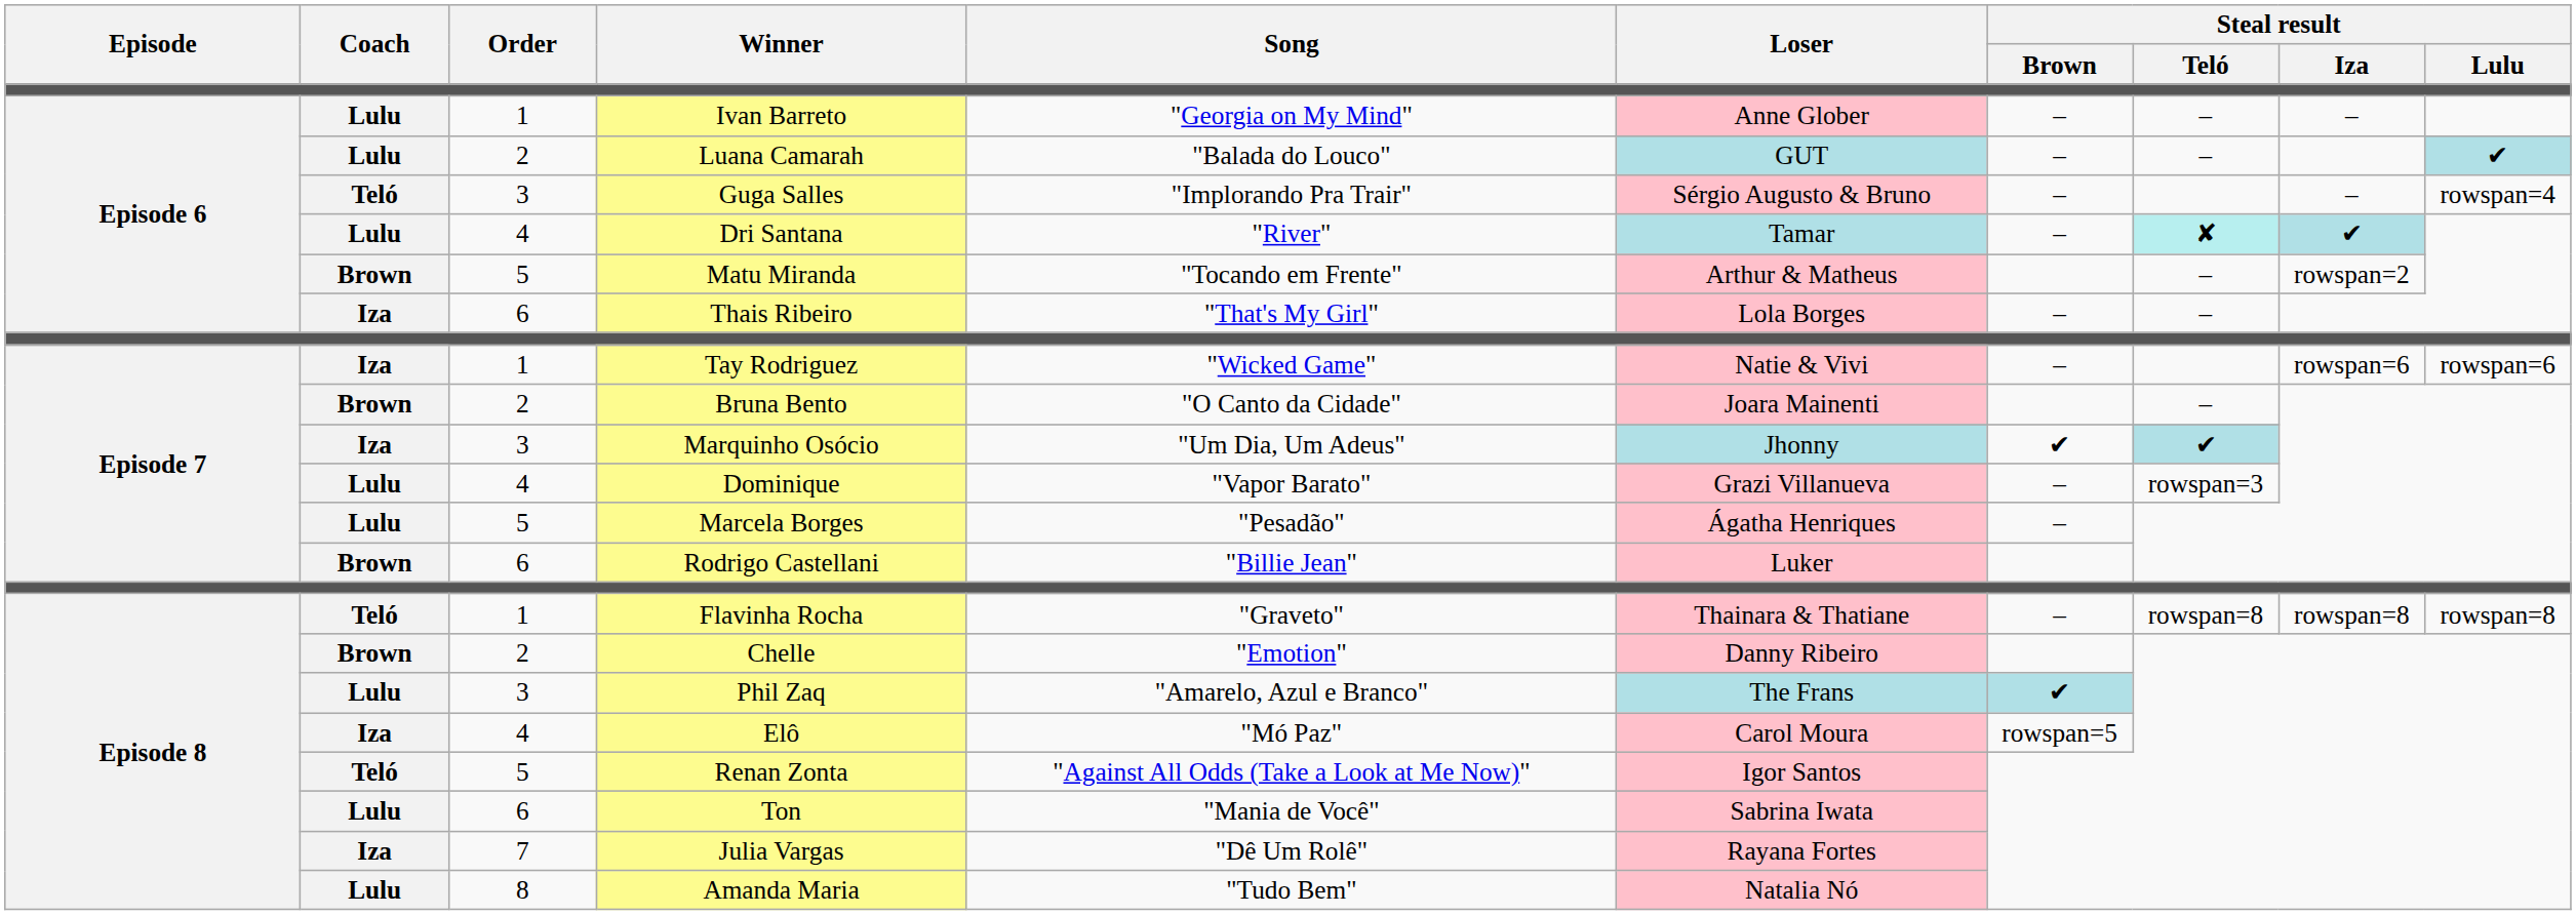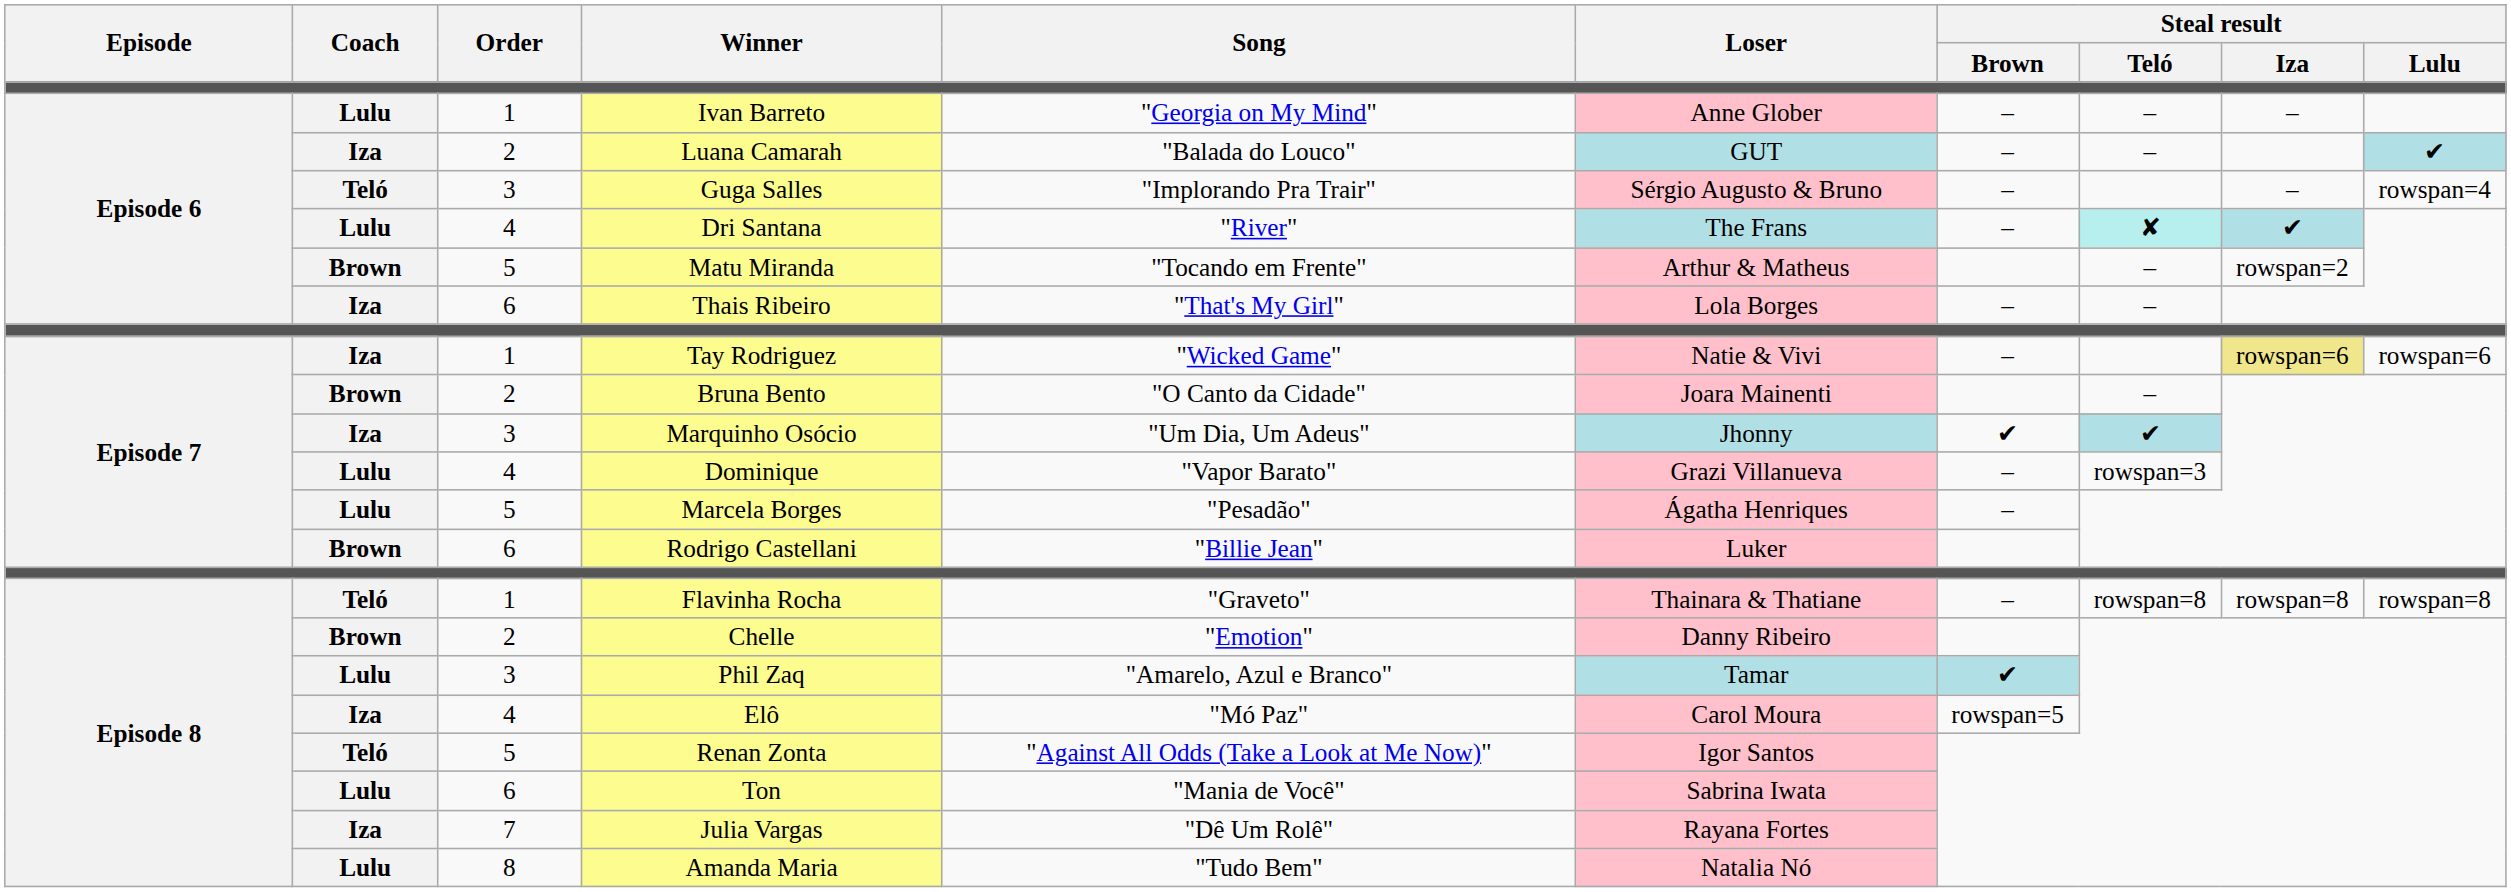 <table class="wikitable" style="text-align:center; line-height:17px; width:100%;">
 <tr>
 <th scope="col" rowspan=2 width="10.0%">Episode</th>
 <th scope="col" rowspan=2 width="05.0%">Coach</th>
 <th scope="col" rowspan=2 width="05.0%">Order</th>
 <th scope="col" rowspan=2 width="12.5%">Winner</th>
 <th scope="col" rowspan=2 width="22.0%">Song</th>
 <th scope="col" rowspan=2 width="12.5%">Loser</th>
 <th scope="col" colspan=4 width="19.0%">Steal result</th>
 </tr>
 <tr>
 <th width="4.75%">Brown</th>
 <th width="4.75%">Teló</th>
 <th width="4.75%">Iza</th>
 <th width="4.75%">Lulu</th>
 </tr>
 <tr>
 <td colspan=10 bgcolor="555555"></td>
 </tr>
 <tr>
 <th rowspan=6>Episode 6<br></th>
 <th>Lulu</th>
 <td>1</td>
 <td bgcolor=FDFC8F>Ivan Barreto</td>
 <td>"<a href='#'>Georgia on My Mind</a>"</td>
 <td bgcolor=FFC0CB>Anne Glober</td>
 <td>–</td>
 <td>–</td>
 <td>–</td>
 <td></td>
 </tr>
 <tr>
-<th>Lulu</th>
+<th>Iza</th>
 <td>2</td>
 <td bgcolor=FDFC8F>Luana Camarah</td>
 <td>"Balada do Louco"</td>
 <td bgcolor=B0E0E6>GUT</td>
 <td>–</td>
 <td>–</td>
 <td></td>
 <td bgcolor=B0E0E6>✔</td>
 </tr>
 <tr>
 <th>Teló</th>
 <td>3</td>
 <td bgcolor=FDFC8F>Guga Salles</td>
 <td>"Implorando Pra Trair"</td>
 <td bgcolor=FFC0CB>Sérgio Augusto & Bruno</td>
 <td>–</td>
 <td></td>
 <td>–</td>
 <td>rowspan=4 </td>
 </tr>
 <tr>
 <th>Lulu</th>
 <td>4</td>
 <td bgcolor=FDFC8F>Dri Santana</td>
 <td>"<a href='#'>River</a>"</td>
-<td bgcolor=B0E0E6>Tamar</td>
+<td bgcolor=B0E0E6>The Frans</td>
 <td>–</td>
 <td bgcolor=B7EFEF>✘</td>
 <td bgcolor=B0E0E6>✔</td>
 </tr>
 <tr>
 <th>Brown</th>
 <td>5</td>
 <td bgcolor=FDFC8F>Matu Miranda</td>
 <td>"Tocando em Frente"</td>
 <td bgcolor=FFC0CB>Arthur & Matheus</td>
 <td></td>
 <td>–</td>
 <td>rowspan=2 </td>
 </tr>
 <tr>
 <th>Iza</th>
 <td>6</td>
 <td bgcolor=FDFC8F>Thais Ribeiro</td>
 <td>"<a href='#'>That's My Girl</a>"</td>
 <td bgcolor=FFC0CB>Lola Borges</td>
 <td>–</td>
 <td>–</td>
 </tr>
 <tr>
 <td colspan=10 bgcolor="555555"></td>
 </tr>
 <tr>
 <th rowspan=6>Episode 7<br></th>
 <th>Iza</th>
 <td>1</td>
 <td bgcolor=FDFC8F>Tay Rodriguez</td>
 <td>"<a href='#'>Wicked Game</a>"</td>
 <td bgcolor=FFC0CB>Natie & Vivi</td>
 <td>–</td>
 <td></td>
-<td>rowspan=6 </td>
+<td style="background: khaki;">rowspan=6 </td>
 <td>rowspan=6 </td>
 </tr>
 <tr>
 <th>Brown</th>
 <td>2</td>
 <td bgcolor=FDFC8F>Bruna Bento</td>
 <td>"O Canto da Cidade"</td>
 <td bgcolor=FFC0CB>Joara Mainenti</td>
 <td></td>
 <td>–</td>
 </tr>
 <tr>
 <th>Iza</th>
 <td>3</td>
 <td bgcolor=FDFC8F>Marquinho Osócio</td>
 <td>"Um Dia, Um Adeus"</td>
 <td bgcolor=B0E0E6>Jhonny</td>
 <td>✔</td>
 <td bgcolor=B0E0E6>✔</td>
 </tr>
 <tr>
 <th>Lulu</th>
 <td>4</td>
 <td bgcolor=FDFC8F>Dominique</td>
 <td>"Vapor Barato"</td>
 <td bgcolor=FFC0CB>Grazi Villanueva</td>
 <td>–</td>
 <td>rowspan=3 </td>
 </tr>
 <tr>
 <th>Lulu</th>
 <td>5</td>
 <td bgcolor=FDFC8F>Marcela Borges</td>
 <td>"Pesadão"</td>
 <td bgcolor=FFC0CB>Ágatha Henriques</td>
 <td>–</td>
 </tr>
 <tr>
 <th>Brown</th>
 <td>6</td>
 <td bgcolor=FDFC8F>Rodrigo Castellani</td>
 <td>"<a href='#'>Billie Jean</a>"</td>
 <td bgcolor=FFC0CB>Luker</td>
 <td></td>
 </tr>
 <tr>
 <td colspan=10 bgcolor="555555"></td>
 </tr>
 <tr>
 <th rowspan=8>Episode 8<br></th>
 <th>Teló</th>
 <td>1</td>
 <td bgcolor=FDFC8F>Flavinha Rocha</td>
 <td>"Graveto"</td>
 <td bgcolor=FFC0CB>Thainara & Thatiane</td>
 <td>–</td>
 <td>rowspan=8 </td>
 <td>rowspan=8 </td>
 <td>rowspan=8 </td>
 </tr>
 <tr>
 <th>Brown</th>
 <td>2</td>
 <td bgcolor=FDFC8F>Chelle</td>
 <td>"<a href='#'>Emotion</a>"</td>
 <td bgcolor=FFC0CB>Danny Ribeiro</td>
 <td></td>
 </tr>
 <tr>
 <th>Lulu</th>
 <td>3</td>
 <td bgcolor=FDFC8F>Phil Zaq</td>
 <td>"Amarelo, Azul e Branco"</td>
-<td bgcolor=B0E0E6>The Frans</td>
+<td bgcolor=B0E0E6>Tamar</td>
 <td bgcolor=B0E0E6>✔</td>
 </tr>
 <tr>
 <th>Iza</th>
 <td>4</td>
 <td bgcolor=FDFC8F>Elô</td>
 <td>"Mó Paz"</td>
 <td bgcolor=FFC0CB>Carol Moura</td>
 <td>rowspan=5 </td>
 </tr>
 <tr>
 <th>Teló</th>
 <td>5</td>
 <td bgcolor=FDFC8F>Renan Zonta</td>
 <td>"<a href='#'>Against All Odds (Take a Look at Me Now)</a>"</td>
 <td bgcolor=FFC0CB>Igor Santos</td>
 </tr>
 <tr>
 <th>Lulu</th>
 <td>6</td>
 <td bgcolor=FDFC8F>Ton</td>
 <td>"Mania de Você"</td>
 <td bgcolor=FFC0CB>Sabrina Iwata</td>
 </tr>
 <tr>
 <th>Iza</th>
 <td>7</td>
 <td bgcolor=FDFC8F>Julia Vargas</td>
 <td>"Dê Um Rolê"</td>
 <td bgcolor=FFC0CB>Rayana Fortes</td>
 </tr>
 <tr>
 <th>Lulu</th>
 <td>8</td>
 <td bgcolor=FDFC8F>Amanda Maria</td>
 <td>"Tudo Bem"</td>
 <td bgcolor=FFC0CB>Natalia Nó</td>
 </tr>
 </table>
